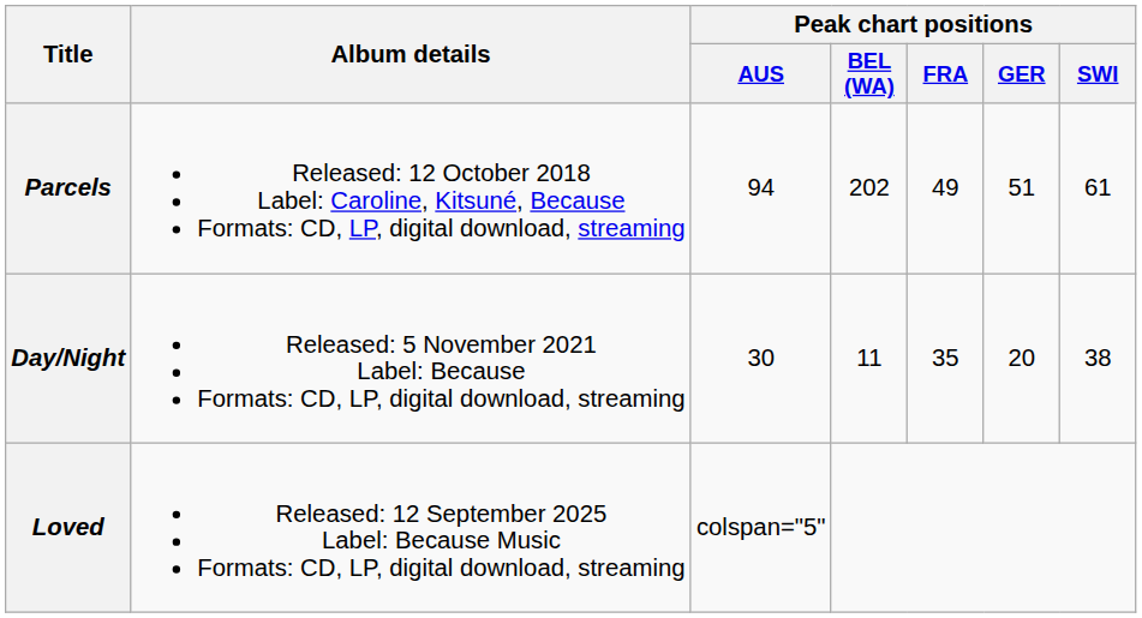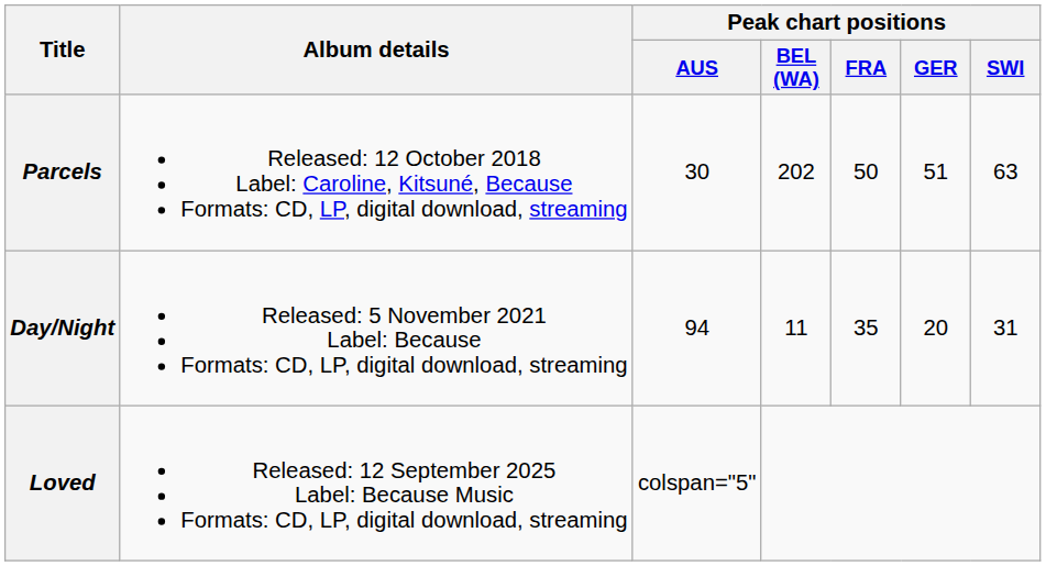 <table class="wikitable plainrowheaders" style="text-align:center;">
 <tr>
 <th scope="col" rowspan="2">Title</th>
 <th scope="col" rowspan="2">Album details</th>
 <th scope="col" colspan="5">Peak chart positions</th>
 </tr>
 <tr>
 <th scope="col" style="width:3em;font-size:90%;"><a href='#'>AUS</a><br></th>
 <th scope="col" style="width:3em;font-size:90%;"><a href='#'>BEL<br>(WA)</a><br></th>
 <th scope="col" style="width:3em;font-size:90%;"><a href='#'>FRA</a><br></th>
 <th scope="col" style="width:3em;font-size:90%;"><a href='#'>GER</a><br></th>
 <th scope="col" style="width:3em;font-size:90%;"><a href='#'>SWI</a><br></th>
 </tr>
 <tr>
 <th scope="row"><em>Parcels</em></th>
 <td><br><ul><li>Released: 12 October 2018</li><li>Label: <a href='#'>Caroline</a>, <a href='#'>Kitsuné</a>, <a href='#'>Because</a></li><li>Formats: CD, <a href='#'>LP</a>, digital download, <a href='#'>streaming</a></li></ul></td>
-<td>94</td>
+<td>30</td>
 <td>202</td>
-<td>49</td>
+<td>50</td>
 <td>51</td>
-<td>61</td>
+<td>63</td>
 </tr>
 <tr>
 <th scope="row"><em>Day/Night</em></th>
 <td><br><ul><li>Released: 5 November 2021</li><li>Label: Because</li><li>Formats: CD, LP, digital download, streaming</li></ul></td>
-<td>30</td>
+<td>94</td>
 <td>11</td>
 <td>35</td>
 <td>20</td>
-<td>38</td>
+<td>31</td>
 </tr>
 <tr>
 <th scope="row"><em>Loved</em></th>
 <td><br><ul><li>Released: 12 September 2025</li><li>Label: Because Music</li><li>Formats: CD, LP, digital download, streaming</li></ul></td>
 <td>colspan="5" </td>
 </tr>
 </table>
